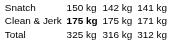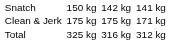 <table>
 <tr>
 <td>Snatch</td>
 <td></td>
 <td>150 kg</td>
 <td></td>
 <td>142 kg</td>
 <td></td>
 <td>141 kg</td>
 </tr>
 <tr>
 <td>Clean & Jerk</td>
 <td></td>
-<td><strong>175 kg</strong></td>
+<td>175 kg</td>
 <td></td>
 <td>175 kg</td>
 <td></td>
 <td>171 kg</td>
 </tr>
 <tr>
 <td>Total</td>
 <td></td>
 <td>325 kg</td>
 <td></td>
 <td>316 kg</td>
 <td></td>
 <td>312 kg</td>
 </tr>
 </table>
